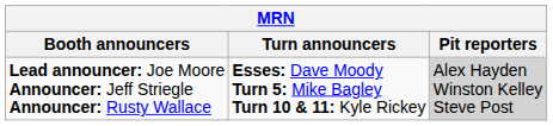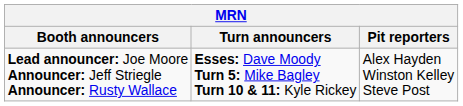 <table class="wikitable" style="font-size: 95%;">
 <tr>
 <th colspan="3"><a href='#'>MRN</a></th>
 </tr>
 <tr>
 <th>Booth announcers</th>
 <th>Turn announcers</th>
 <th>Pit reporters</th>
 </tr>
 <tr>
 <td><strong>Lead announcer:</strong> Joe Moore<br><strong>Announcer:</strong> Jeff Striegle<br><strong>Announcer:</strong> <a href='#'>Rusty Wallace</a></td>
 <td><strong>Esses:</strong> <a href='#'>Dave Moody</a> <br><strong>Turn 5:</strong> <a href='#'>Mike Bagley</a><br><strong>Turn 10 & 11:</strong> Kyle Rickey</td>
-<td style="background: lightgrey;">Alex Hayden<br>Winston Kelley<br>Steve Post</td>
+<td>Alex Hayden<br>Winston Kelley<br>Steve Post</td>
 </tr>
 </table>
